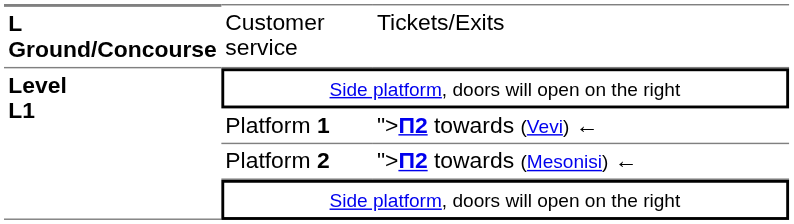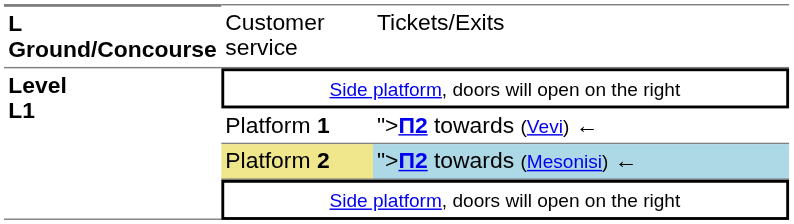 <table table border=0 cellspacing=0 cellpadding=3>
 <tr>
 <td style="border-bottom:solid 1px gray;border-top:solid 2px gray;" width=50 valign=top><strong>L<br>Ground/Concourse</strong></td>
 <td style="border-top:solid 1px gray;border-bottom:solid 1px gray;" width=100 valign=top>Customer service</td>
 <td style="border-top:solid 1px gray;border-bottom:solid 1px gray;" width=285 valign=top>Tickets/Exits</td>
 </tr>
 <tr>
 <td style="border-bottom:solid 1px gray;" rowspan=4 valign=top><strong>Level<br>L1</strong></td>
 <td style="border-top:solid 2px black;border-right:solid 2px black;border-left:solid 2px black;border-bottom:solid 2px black;text-align:center;" colspan=2><small><a href='#'>Side platform</a>, doors will open on the right</small></td>
 </tr>
 <tr>
 <td style="border-bottom:solid 1px gray;">Platform <span><strong>1</strong></span></td>
 <td style="border-bottom:solid 1px gray;"><span>"><a href='#'><span><strong>Π2</strong></span></a></span>  towards  <small>(<a href='#'>Vevi</a>)</small> ←</td>
 </tr>
 <tr>
-<td style="border-bottom:solid 1px gray;">Platform <span><strong>2</strong></span></td>
-<td style="border-bottom:solid 1px gray;"><span>"><a href='#'><span><strong>Π2</strong></span></a></span>  towards  <small>(<a href='#'>Mesonisi</a>)</small> ←</td>
+<td style="background: khaki; border-bottom:solid 1px gray;">Platform <span><strong>2</strong></span></td>
+<td style="background: lightblue; border-bottom:solid 1px gray;"><span>"><a href='#'><span><strong>Π2</strong></span></a></span>  towards  <small>(<a href='#'>Mesonisi</a>)</small> ←</td>
 </tr>
 <tr>
 <td style="border-top:solid 2px black;border-left:solid 2px black;border-right:solid 2px black;border-bottom:solid 2px black;text-align:center;" colspan=2><small><a href='#'>Side platform</a>, doors will open on the right</small></td>
 </tr>
 </table>
